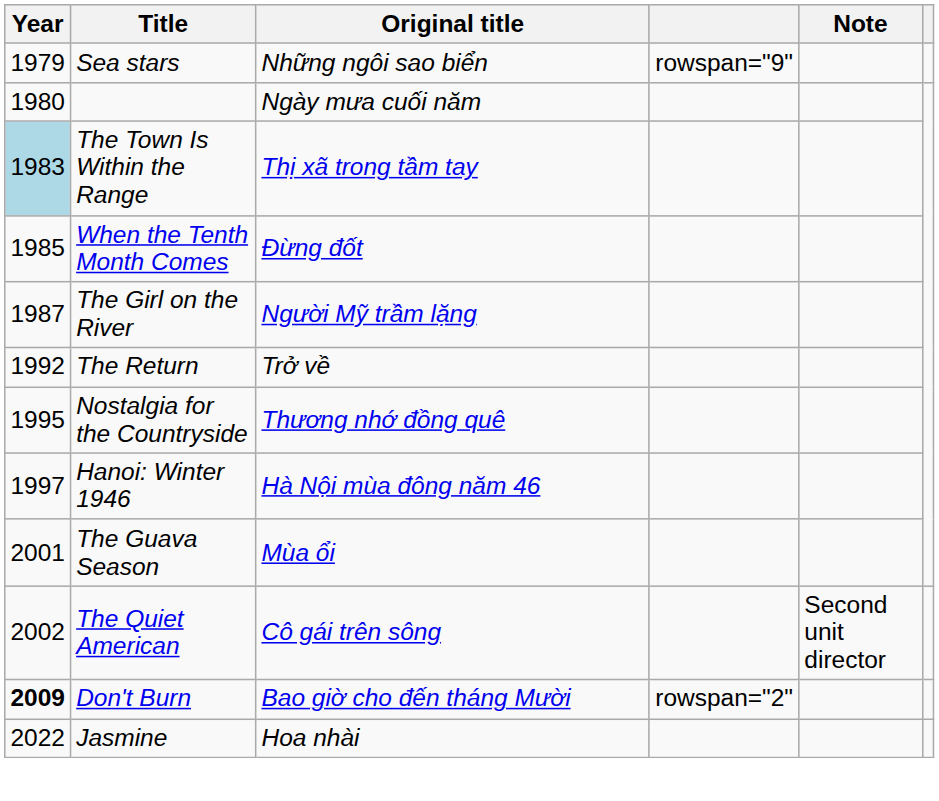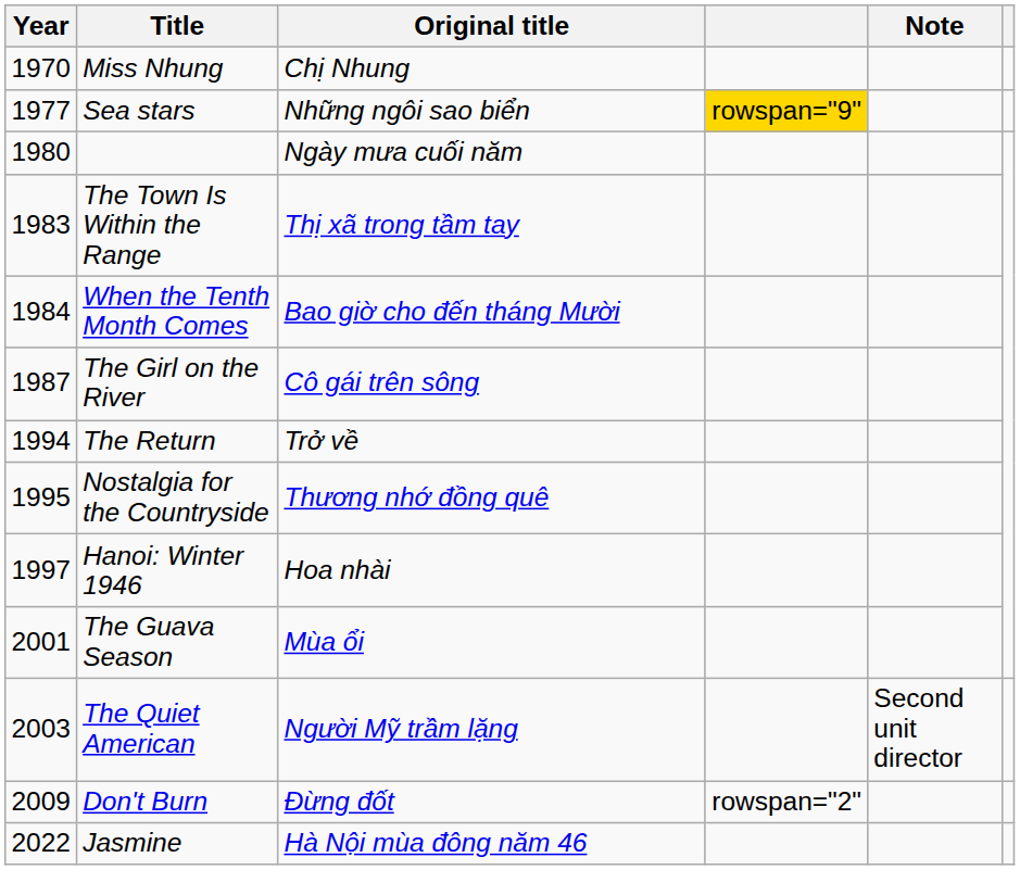 <table class="wikitable">
 <tr>
 <th>Year</th>
 <th>Title</th>
 <th width="250">Original title</th>
 <th></th>
 <th>Note</th>
 <th></th>
 </tr>
 <tr>
-<td>1979</td>
+<td>1970</td>
+<td><em>Miss Nhung</em></td>
+<td><em>Chị Nhung</em></td>
+<td></td>
+<td></td>
+<td></td>
+</tr>
+<tr>
+<td>1977</td>
 <td><em>Sea stars</em></td>
 <td><em>Những ngôi sao biển</em></td>
-<td>rowspan="9" </td>
+<td style="background: gold;">rowspan="9" </td>
 <td></td>
 <td></td>
 </tr>
 <tr>
 <td>1980</td>
 <td></td>
 <td><em>Ngày mưa cuối năm</em></td>
 <td></td>
 <td></td>
 </tr>
 <tr>
-<td style="background: lightblue;">1983</td>
+<td>1983</td>
 <td><em>The Town Is Within the Range</em></td>
 <td><em><a href='#'>Thị xã trong tầm tay</a></em></td>
 <td></td>
 <td></td>
 </tr>
 <tr>
-<td>1985</td>
+<td>1984</td>
 <td><em><a href='#'>When the Tenth Month Comes</a></em></td>
-<td><em><a href='#'>Đừng đốt</a></em></td>
+<td><em><a href='#'>Bao giờ cho đến tháng Mười</a></em></td>
 <td></td>
 <td></td>
 </tr>
 <tr>
 <td>1987</td>
 <td><em>The Girl on the River</em></td>
-<td><em><a href='#'>Người Mỹ trầm lặng</a></em></td>
+<td><em><a href='#'>Cô gái trên sông</a></em></td>
 <td></td>
 <td></td>
 </tr>
 <tr>
-<td>1992</td>
+<td>1994</td>
 <td><em>The Return</em></td>
 <td><em>Trở về</em></td>
 <td></td>
 <td></td>
 </tr>
 <tr>
 <td>1995</td>
 <td><em>Nostalgia for the Countryside</em></td>
 <td><em><a href='#'>Thương nhớ đồng quê</a></em></td>
 <td></td>
 <td></td>
 </tr>
 <tr>
 <td>1997</td>
 <td><em>Hanoi: Winter 1946</em></td>
-<td><em><a href='#'>Hà Nội mùa đông năm 46</a></em></td>
+<td><em>Hoa nhài</em></td>
 <td></td>
 <td></td>
 </tr>
 <tr>
 <td>2001</td>
 <td><em>The Guava Season</em></td>
 <td><em><a href='#'>Mùa ổi</a></em></td>
 <td></td>
 <td></td>
 </tr>
 <tr>
-<td>2002</td>
+<td>2003</td>
 <td><a href='#'><em>The Quiet American</em></a></td>
-<td><em><a href='#'>Cô gái trên sông</a></em></td>
+<td><em><a href='#'>Người Mỹ trầm lặng</a></em></td>
 <td></td>
 <td>Second unit director</td>
 <td></td>
 </tr>
 <tr>
-<td><strong>2009</strong></td>
+<td>2009</td>
 <td><em><a href='#'>Don't Burn</a></em></td>
-<td><em><a href='#'>Bao giờ cho đến tháng Mười</a></em></td>
+<td><em><a href='#'>Đừng đốt</a></em></td>
 <td>rowspan="2" </td>
 <td></td>
 <td></td>
 </tr>
 <tr>
 <td>2022</td>
 <td><em>Jasmine</em></td>
-<td><em>Hoa nhài</em></td>
+<td><em><a href='#'>Hà Nội mùa đông năm 46</a></em></td>
 <td></td>
 <td></td>
 </tr>
 </table>
